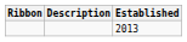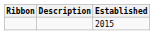 <table class="wikitable">
 <tr>
 <th>Ribbon</th>
 <th>Description</th>
 <th>Established</th>
 </tr>
 <tr>
 <td></td>
 <td></td>
-<td>2013</td>
+<td>2015</td>
 </tr>
 </table>
